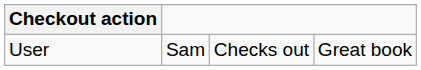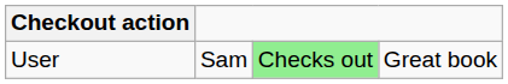 <table class="wikitable">
 <tr>
 <th>Checkout action</th>
 </tr>
 <tr>
 <td>User</td>
 <td>Sam</td>
-<td>Checks out</td>
+<td style="background: lightgreen;">Checks out</td>
 <td>Great book</td>
 </tr>
 </table>
